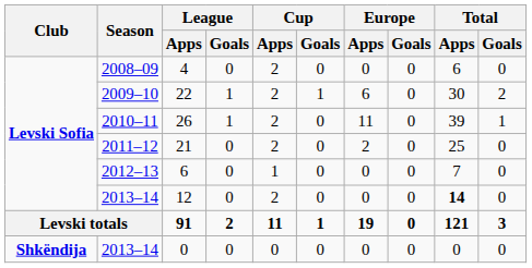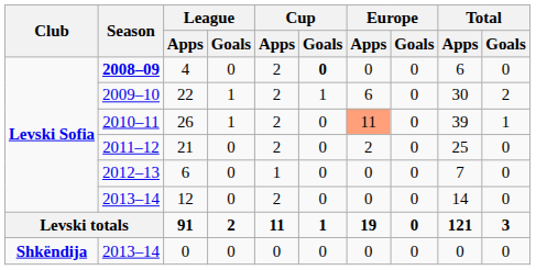 <table class="wikitable" style="text-align: center;">
 <tr>
 <th rowspan="2">Club</th>
 <th rowspan="2">Season</th>
 <th colspan="2">League</th>
 <th colspan="2">Cup</th>
 <th colspan="2">Europe</th>
 <th colspan="2">Total</th>
 </tr>
 <tr>
 <th>Apps</th>
 <th>Goals</th>
 <th>Apps</th>
 <th>Goals</th>
 <th>Apps</th>
 <th>Goals</th>
 <th>Apps</th>
 <th>Goals</th>
 </tr>
 <tr>
 <td rowspan="6" valign="center"><strong><a href='#'>Levski Sofia</a></strong></td>
-<td><a href='#'>2008–09</a></td>
+<td><strong><a href='#'>2008–09</a></strong></td>
 <td>4</td>
 <td>0</td>
 <td>2</td>
-<td>0</td>
+<td><strong>0</strong></td>
 <td>0</td>
 <td>0</td>
 <td>6</td>
 <td>0</td>
 </tr>
 <tr>
 <td><a href='#'>2009–10</a></td>
 <td>22</td>
 <td>1</td>
 <td>2</td>
 <td>1</td>
 <td>6</td>
 <td>0</td>
 <td>30</td>
 <td>2</td>
 </tr>
 <tr>
 <td><a href='#'>2010–11</a></td>
 <td>26</td>
 <td>1</td>
 <td>2</td>
 <td>0</td>
-<td>11</td>
+<td style="background: lightsalmon;">11</td>
 <td>0</td>
 <td>39</td>
 <td>1</td>
 </tr>
 <tr>
 <td><a href='#'>2011–12</a></td>
 <td>21</td>
 <td>0</td>
 <td>2</td>
 <td>0</td>
 <td>2</td>
 <td>0</td>
 <td>25</td>
 <td>0</td>
 </tr>
 <tr>
 <td><a href='#'>2012–13</a></td>
 <td>6</td>
 <td>0</td>
 <td>1</td>
 <td>0</td>
 <td>0</td>
 <td>0</td>
 <td>7</td>
 <td>0</td>
 </tr>
 <tr>
 <td><a href='#'>2013–14</a></td>
 <td>12</td>
 <td>0</td>
 <td>2</td>
 <td>0</td>
 <td>0</td>
 <td>0</td>
-<td><strong>14</strong></td>
+<td>14</td>
 <td>0</td>
 </tr>
 <tr>
 <th colspan="2"><strong>Levski totals</strong></th>
 <td><strong>91</strong></td>
 <td><strong>2</strong></td>
 <td><strong>11</strong></td>
 <td><strong>1</strong></td>
 <td><strong>19</strong></td>
 <td><strong>0</strong></td>
 <td><strong>121</strong></td>
 <td><strong>3</strong></td>
 </tr>
 <tr>
 <td rowspan="1" valign="center"><strong><a href='#'>Shkëndija</a></strong></td>
 <td><a href='#'>2013–14</a></td>
 <td>0</td>
 <td>0</td>
 <td>0</td>
 <td>0</td>
 <td>0</td>
 <td>0</td>
 <td>0</td>
 <td>0</td>
 </tr>
 </table>
